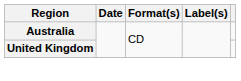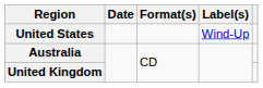 <table class="wikitable plainrowheaders">
 <tr>
 <th scope="col">Region</th>
 <th scope="col">Date</th>
 <th scope="col">Format(s)</th>
 <th scope="col">Label(s)</th>
 <th scope="col"></th>
+</tr>
+<tr>
+<th scope="row">United States</th>
+<td></td>
+<td></td>
+<td><a href='#'>Wind-Up</a></td>
+<td></td>
 </tr>
 <tr>
 <th scope="row">Australia</th>
 <td rowspan="2"></td>
 <td rowspan="2">CD</td>
 <td rowspan="2"></td>
 <td></td>
 </tr>
 <tr>
 <th scope="row">United Kingdom</th>
 <td></td>
 </tr>
 </table>
